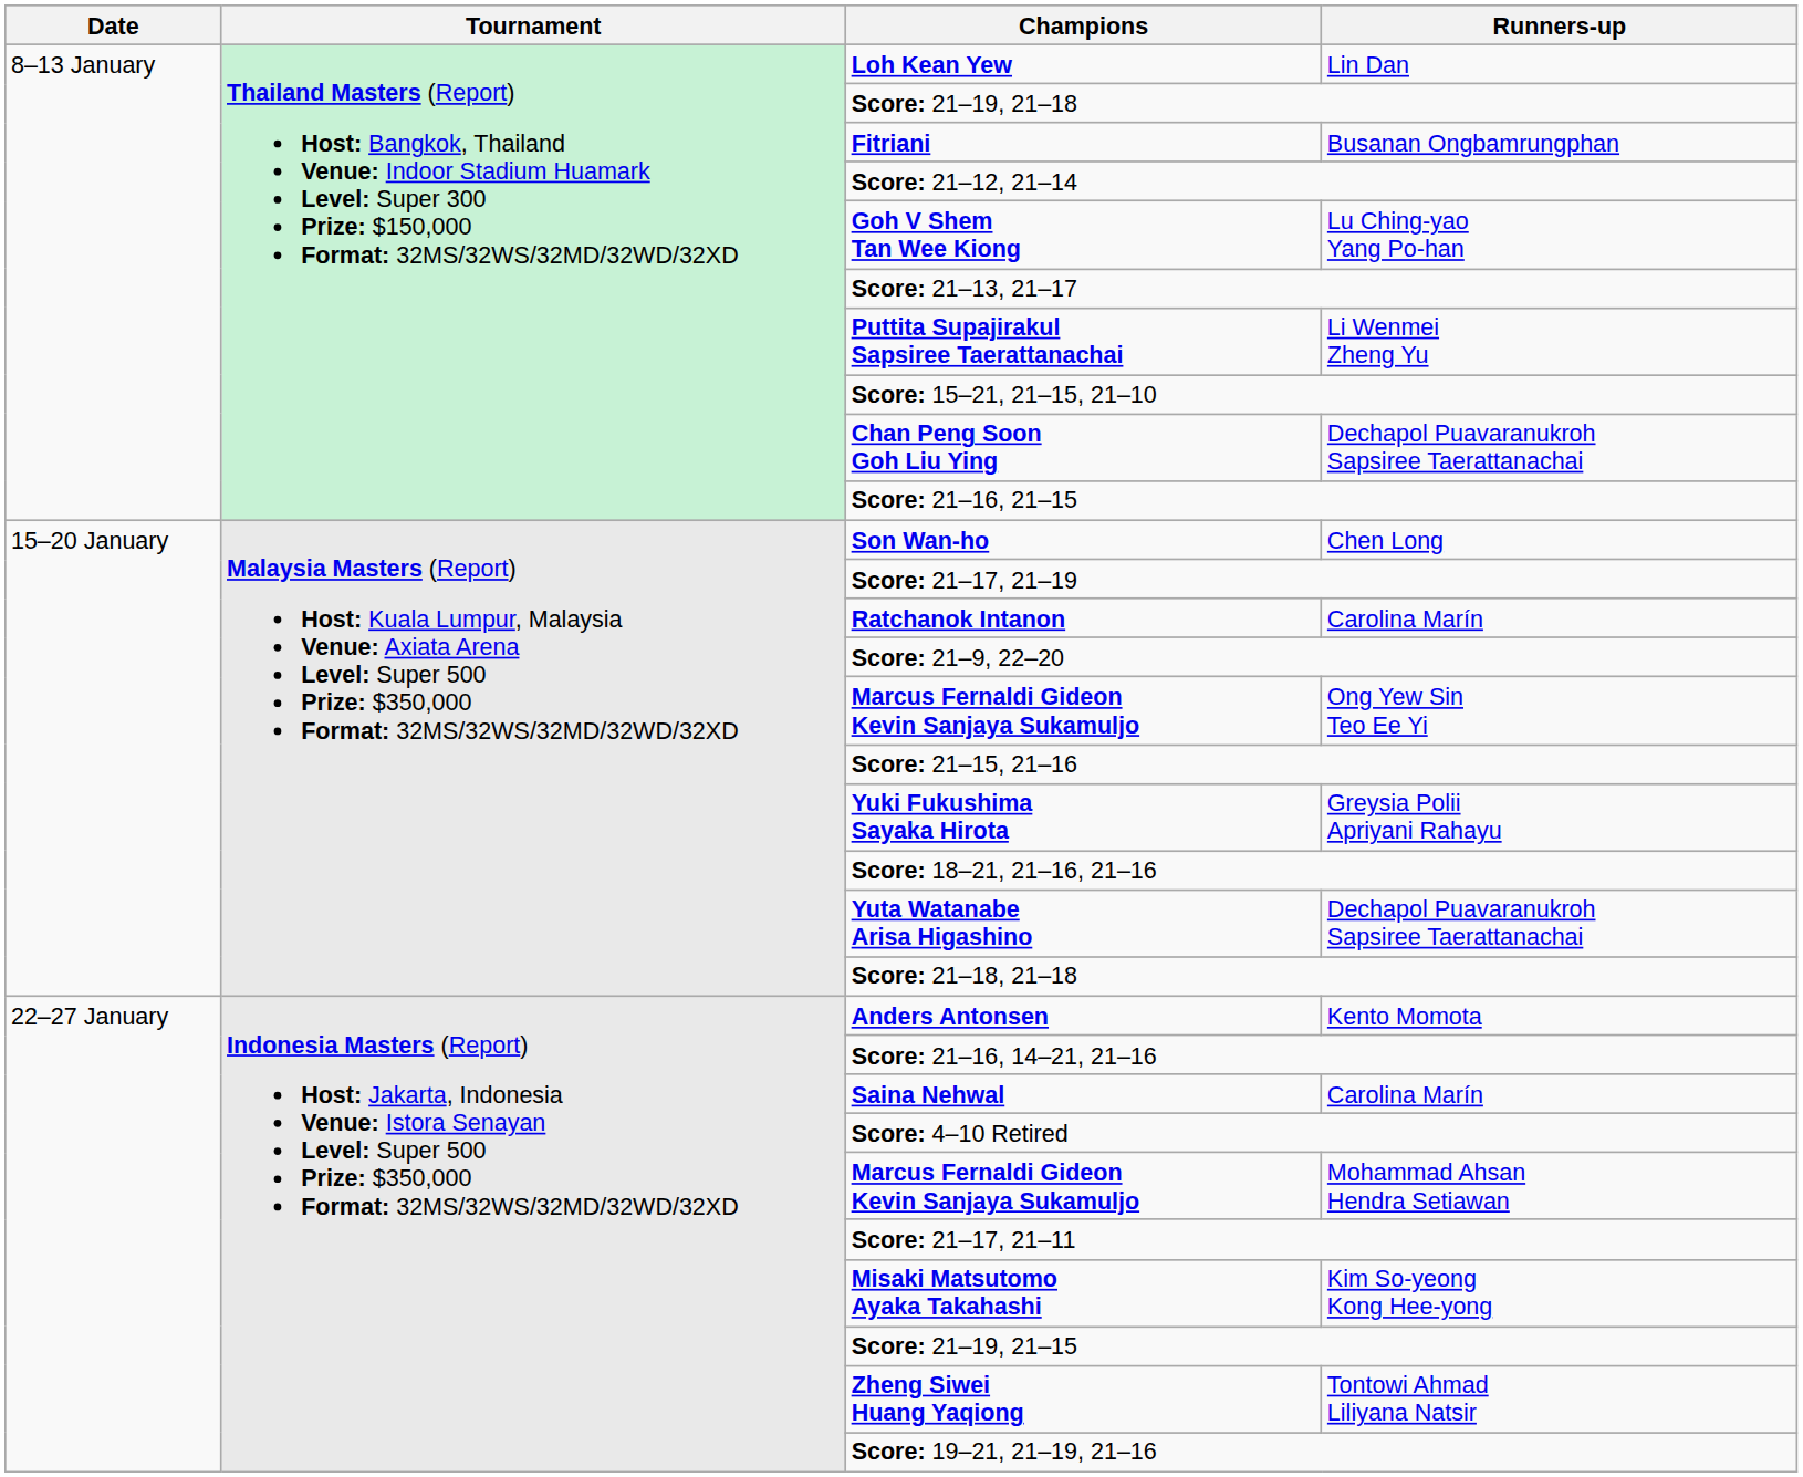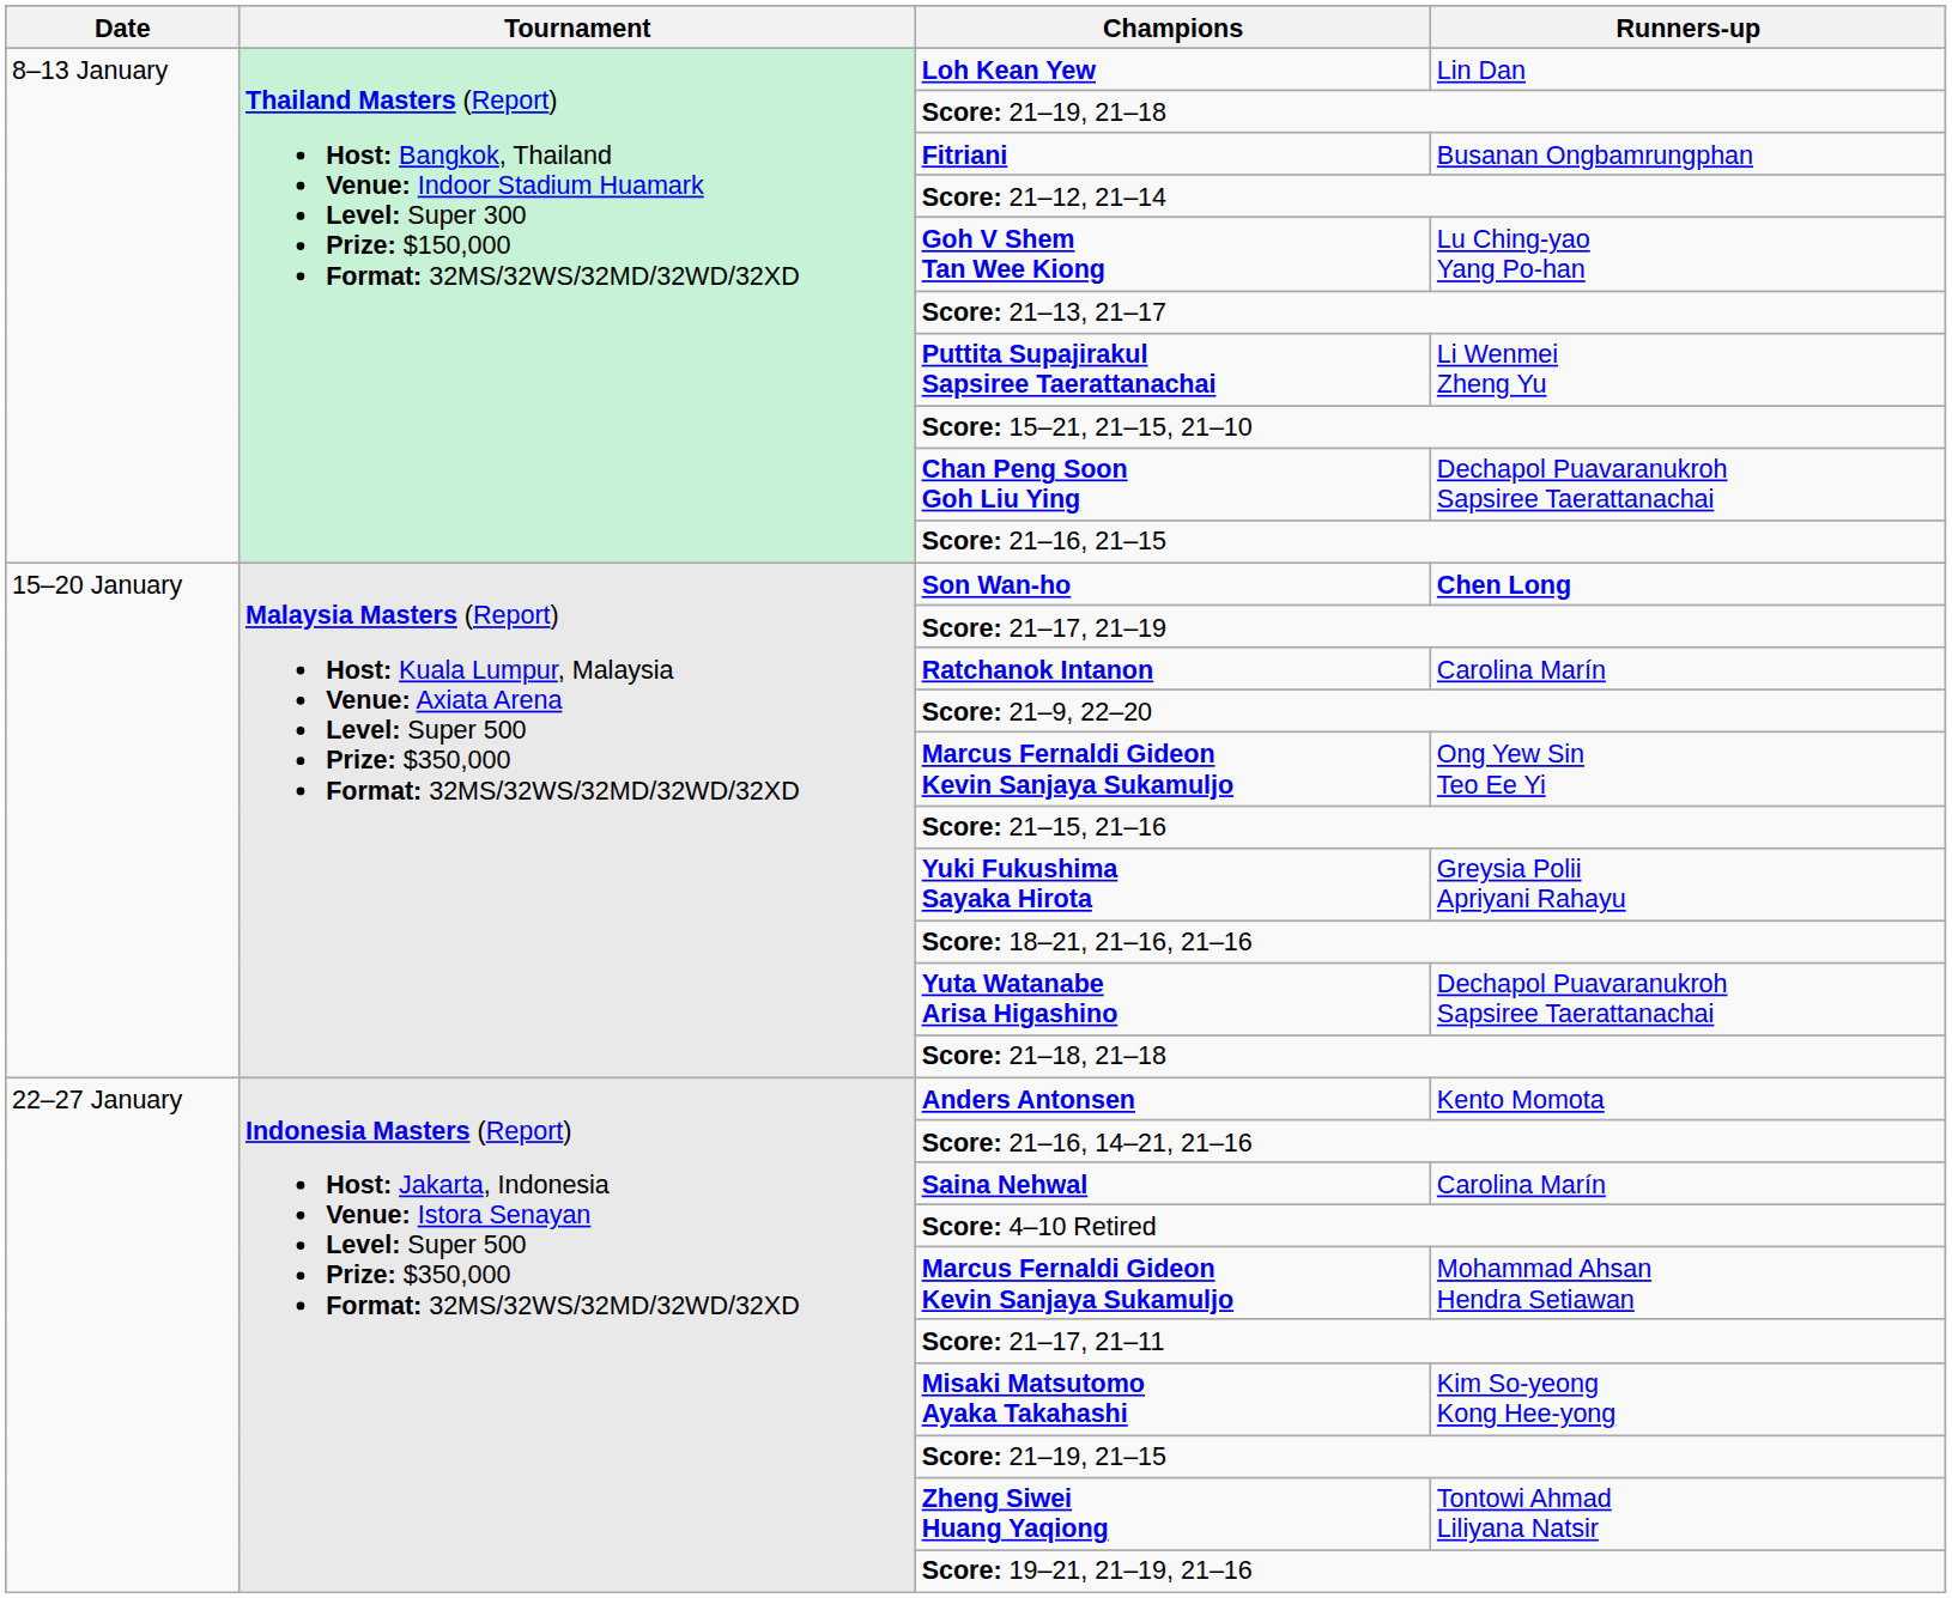 <table class=wikitable style=font-size:80%>
 <tr>
 <th width=110>Date</th>
 <th width=330>Tournament</th>
 <th width=250>Champions</th>
 <th width=250>Runners-up</th>
 </tr>
 <tr valign=top>
 <td rowspan=10>8–13 January</td>
 <td style="background:#C7F2D5;" rowspan="10"><br><strong><a href='#'>Thailand Masters</a></strong> (<a href='#'>Report</a>)<ul><li><strong>Host:</strong> <a href='#'>Bangkok</a>, Thailand</li><li><strong>Venue:</strong> <a href='#'>Indoor Stadium Huamark</a></li><li><strong>Level:</strong> Super 300</li><li><strong>Prize:</strong> $150,000</li><li><strong>Format:</strong> 32MS/32WS/32MD/32WD/32XD</li></ul></td>
 <td><strong> <a href='#'>Loh Kean Yew</a></strong></td>
 <td> <a href='#'>Lin Dan</a></td>
 </tr>
 <tr>
 <td colspan=2><strong>Score:</strong> 21–19, 21–18</td>
 </tr>
 <tr valign=top>
 <td><strong> <a href='#'>Fitriani</a></strong></td>
 <td> <a href='#'>Busanan Ongbamrungphan</a></td>
 </tr>
 <tr>
 <td colspan=2><strong>Score:</strong> 21–12, 21–14</td>
 </tr>
 <tr valign=top>
 <td><strong> <a href='#'>Goh V Shem</a><br> <a href='#'>Tan Wee Kiong</a></strong></td>
 <td> <a href='#'>Lu Ching-yao</a><br> <a href='#'>Yang Po-han</a></td>
 </tr>
 <tr>
 <td colspan=2><strong>Score:</strong> 21–13, 21–17</td>
 </tr>
 <tr valign=top>
 <td><strong> <a href='#'>Puttita Supajirakul</a><br> <a href='#'>Sapsiree Taerattanachai</a></strong></td>
 <td> <a href='#'>Li Wenmei</a><br> <a href='#'>Zheng Yu</a></td>
 </tr>
 <tr>
 <td colspan=2><strong>Score:</strong> 15–21, 21–15, 21–10</td>
 </tr>
 <tr valign=top>
 <td><strong> <a href='#'>Chan Peng Soon</a><br> <a href='#'>Goh Liu Ying</a></strong></td>
 <td> <a href='#'>Dechapol Puavaranukroh</a><br> <a href='#'>Sapsiree Taerattanachai</a></td>
 </tr>
 <tr>
 <td colspan=2><strong>Score:</strong> 21–16, 21–15</td>
 </tr>
 <tr valign=top>
 <td rowspan=10>15–20 January</td>
 <td style="background:#E9E9E9;" rowspan="10"><br><strong><a href='#'>Malaysia Masters</a></strong> (<a href='#'>Report</a>)<ul><li><strong>Host:</strong> <a href='#'>Kuala Lumpur</a>, Malaysia</li><li><strong>Venue:</strong> <a href='#'>Axiata Arena</a></li><li><strong>Level:</strong> Super 500</li><li><strong>Prize:</strong> $350,000</li><li><strong>Format:</strong> 32MS/32WS/32MD/32WD/32XD</li></ul></td>
 <td><strong> <a href='#'>Son Wan-ho</a></strong></td>
-<td> <a href='#'>Chen Long</a></td>
+<td><strong> <a href='#'>Chen Long</a></strong></td>
 </tr>
 <tr>
 <td colspan=2><strong>Score:</strong> 21–17, 21–19</td>
 </tr>
 <tr valign=top>
 <td><strong> <a href='#'>Ratchanok Intanon</a></strong></td>
 <td> <a href='#'>Carolina Marín</a></td>
 </tr>
 <tr>
 <td colspan=2><strong>Score:</strong> 21–9, 22–20</td>
 </tr>
 <tr valign=top>
 <td><strong> <a href='#'>Marcus Fernaldi Gideon</a><br> <a href='#'>Kevin Sanjaya Sukamuljo</a></strong></td>
 <td> <a href='#'>Ong Yew Sin</a><br> <a href='#'>Teo Ee Yi</a></td>
 </tr>
 <tr>
 <td colspan=2><strong>Score:</strong> 21–15, 21–16</td>
 </tr>
 <tr valign=top>
 <td><strong> <a href='#'>Yuki Fukushima</a><br> <a href='#'>Sayaka Hirota</a></strong></td>
 <td> <a href='#'>Greysia Polii</a><br> <a href='#'>Apriyani Rahayu</a></td>
 </tr>
 <tr>
 <td colspan=2><strong>Score:</strong> 18–21, 21–16, 21–16</td>
 </tr>
 <tr valign=top>
 <td><strong> <a href='#'>Yuta Watanabe</a><br> <a href='#'>Arisa Higashino</a></strong></td>
 <td> <a href='#'>Dechapol Puavaranukroh</a><br> <a href='#'>Sapsiree Taerattanachai</a></td>
 </tr>
 <tr>
 <td colspan=2><strong>Score:</strong> 21–18, 21–18</td>
 </tr>
 <tr valign=top>
 <td rowspan=10>22–27 January</td>
 <td style="background:#E9E9E9;" rowspan="10"><br><strong><a href='#'>Indonesia Masters</a></strong> (<a href='#'>Report</a>)<ul><li><strong>Host:</strong> <a href='#'>Jakarta</a>, Indonesia</li><li><strong>Venue:</strong> <a href='#'>Istora Senayan</a></li><li><strong>Level:</strong> Super 500</li><li><strong>Prize:</strong> $350,000</li><li><strong>Format:</strong> 32MS/32WS/32MD/32WD/32XD</li></ul></td>
 <td><strong> <a href='#'>Anders Antonsen</a></strong></td>
 <td> <a href='#'>Kento Momota</a></td>
 </tr>
 <tr>
 <td colspan=2><strong>Score:</strong> 21–16, 14–21, 21–16</td>
 </tr>
 <tr valign=top>
 <td><strong> <a href='#'>Saina Nehwal</a></strong></td>
 <td> <a href='#'>Carolina Marín</a></td>
 </tr>
 <tr>
 <td colspan=2><strong>Score:</strong> 4–10 Retired</td>
 </tr>
 <tr valign=top>
 <td><strong> <a href='#'>Marcus Fernaldi Gideon</a><br> <a href='#'>Kevin Sanjaya Sukamuljo</a></strong></td>
 <td> <a href='#'>Mohammad Ahsan</a><br> <a href='#'>Hendra Setiawan</a></td>
 </tr>
 <tr>
 <td colspan=2><strong>Score:</strong> 21–17, 21–11</td>
 </tr>
 <tr valign=top>
 <td><strong> <a href='#'>Misaki Matsutomo</a><br> <a href='#'>Ayaka Takahashi</a></strong></td>
 <td> <a href='#'>Kim So-yeong</a><br> <a href='#'>Kong Hee-yong</a></td>
 </tr>
 <tr>
 <td colspan=2><strong>Score:</strong> 21–19, 21–15</td>
 </tr>
 <tr valign=top>
 <td><strong> <a href='#'>Zheng Siwei</a><br> <a href='#'>Huang Yaqiong</a></strong></td>
 <td> <a href='#'>Tontowi Ahmad</a><br> <a href='#'>Liliyana Natsir</a></td>
 </tr>
 <tr>
 <td colspan=2><strong>Score:</strong> 19–21, 21–19, 21–16</td>
 </tr>
 </table>
